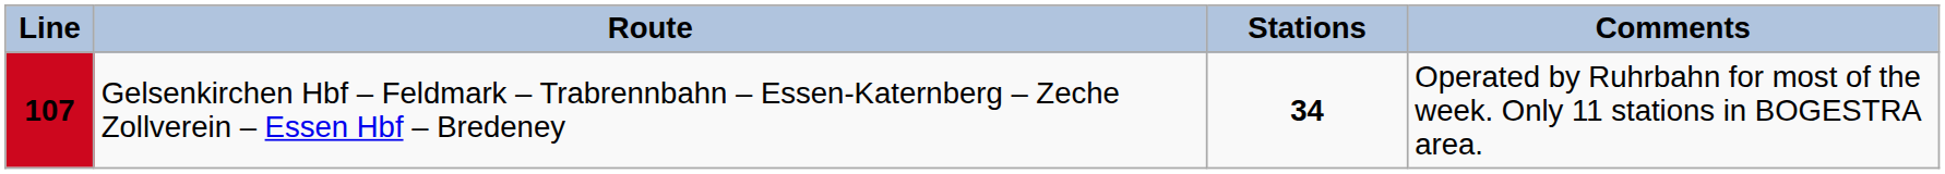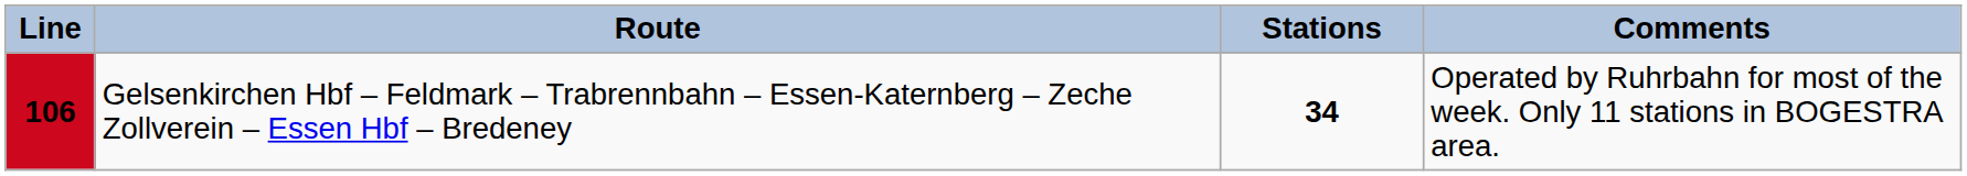 <table class="wikitable">
 <tr>
 <th style="background: lightsteelblue;" width="40px">Line</th>
 <th style="background: lightsteelblue;" width="585px">Route</th>
 <th style="background: lightsteelblue;" width="100px">Stations</th>
 <th style="background: lightsteelblue;" width="275px">Comments</th>
 </tr>
 <tr>
-<td style="background-color:#cd071e; text-align:center; font-weight:bold;"><span>107</span></td>
+<td style="background-color:#cd071e; text-align:center; font-weight:bold;"><span>106</span></td>
 <td>Gelsenkirchen Hbf – Feldmark – Trabrennbahn – Essen-Katernberg – Zeche Zollverein – <a href='#'>Essen Hbf</a> – Bredeney</td>
 <td style="text-align:center;"><strong>34</strong></td>
 <td>Operated by Ruhrbahn for most of the week. Only 11 stations in BOGESTRA area.</td>
 </tr>
 </table>
